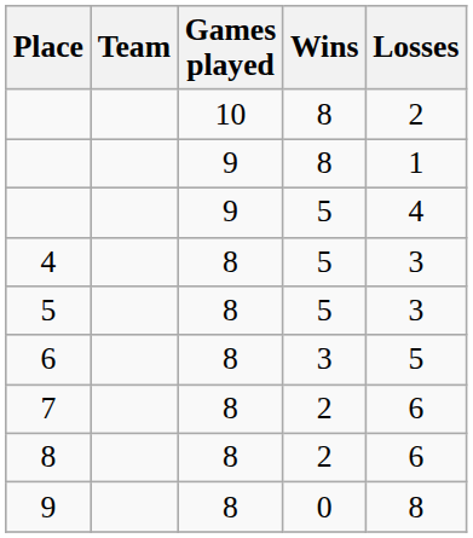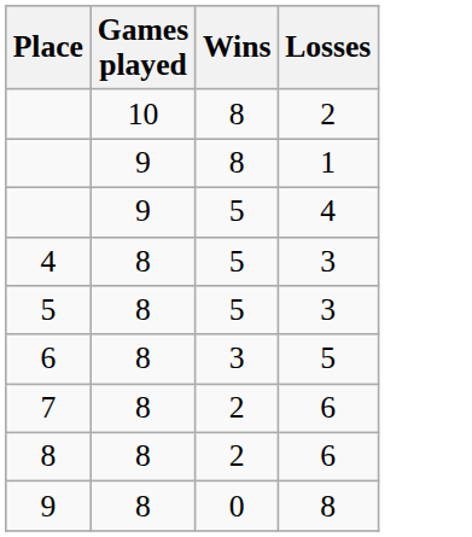 <table class="wikitable" style="text-align:center;">
 <tr>
 <th>Place</th>
-<th>Team</th>
 <th>Games<br>played</th>
 <th>Wins</th>
 <th>Losses</th>
 </tr>
 <tr>
 <td></td>
-<td align=left></td>
 <td>10</td>
 <td>8</td>
 <td>2</td>
 </tr>
 <tr>
 <td></td>
-<td align=left></td>
 <td>9</td>
 <td>8</td>
 <td>1</td>
 </tr>
 <tr>
 <td></td>
-<td align=left></td>
 <td>9</td>
 <td>5</td>
 <td>4</td>
 </tr>
 <tr>
 <td>4</td>
-<td align=left></td>
 <td>8</td>
 <td>5</td>
 <td>3</td>
 </tr>
 <tr>
 <td>5</td>
-<td align=left></td>
 <td>8</td>
 <td>5</td>
 <td>3</td>
 </tr>
 <tr>
 <td>6</td>
-<td align=left></td>
 <td>8</td>
 <td>3</td>
 <td>5</td>
 </tr>
 <tr>
 <td>7</td>
-<td align=left></td>
 <td>8</td>
 <td>2</td>
 <td>6</td>
 </tr>
 <tr>
 <td>8</td>
-<td align=left></td>
 <td>8</td>
 <td>2</td>
 <td>6</td>
 </tr>
 <tr>
 <td>9</td>
-<td align=left></td>
 <td>8</td>
 <td>0</td>
 <td>8</td>
 </tr>
 </table>
